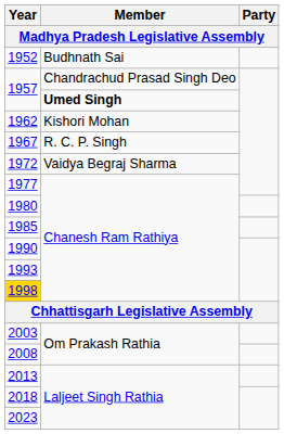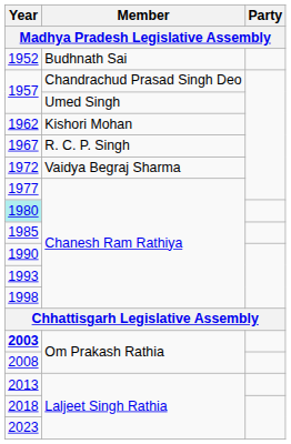 <table class="wikitable sortable">
 <tr>
 <th>Year</th>
 <th>Member</th>
 <th colspan="2">Party</th>
 </tr>
 <tr>
 <th colspan=4><a href='#'>Madhya Pradesh Legislative Assembly</a></th>
 </tr>
 <tr>
 <td rowspan="2"><a href='#'>1952</a></td>
 <td>Budhnath Sai</td>
 <td></td>
 </tr>
 <tr>
 <td rowspan="2">Chandrachud Prasad Singh Deo</td>
 </tr>
 <tr>
 <td rowspan="2"><a href='#'>1957</a></td>
 </tr>
 <tr>
-<td><strong>Umed Singh</strong></td>
+<td>Umed Singh</td>
 </tr>
 <tr>
 <td><a href='#'>1962</a></td>
 <td>Kishori Mohan</td>
 </tr>
 <tr>
 <td><a href='#'>1967</a></td>
 <td>R. C. P. Singh</td>
 </tr>
 <tr>
 <td><a href='#'>1972</a></td>
 <td>Vaidya Begraj Sharma</td>
 </tr>
 <tr>
 <td><a href='#'>1977</a></td>
 <td rowspan="6"><a href='#'>Chanesh Ram Rathiya</a></td>
 </tr>
 <tr>
-<td><a href='#'>1980</a></td>
+<td style="background: paleturquoise;"><a href='#'>1980</a></td>
 <td></td>
 </tr>
 <tr>
 <td><a href='#'>1985</a></td>
 <td></td>
 </tr>
 <tr>
 <td><a href='#'>1990</a></td>
 </tr>
 <tr>
 <td><a href='#'>1993</a></td>
 </tr>
 <tr>
-<td style="background: gold;"><a href='#'>1998</a></td>
+<td><a href='#'>1998</a></td>
 </tr>
 <tr>
 <th colspan=4><a href='#'>Chhattisgarh Legislative Assembly</a></th>
 </tr>
 <tr>
-<td><a href='#'>2003</a></td>
+<td><strong><a href='#'>2003</a></strong></td>
 <td rowspan="2">Om Prakash Rathia</td>
 <td></td>
 </tr>
 <tr>
 <td><a href='#'>2008</a></td>
 </tr>
 <tr>
 <td><a href='#'>2013</a></td>
 <td rowspan="3"><a href='#'>Laljeet Singh Rathia</a></td>
 <td></td>
 </tr>
 <tr>
 <td><a href='#'>2018</a></td>
 </tr>
 <tr>
 <td><a href='#'>2023</a></td>
 </tr>
 </table>
